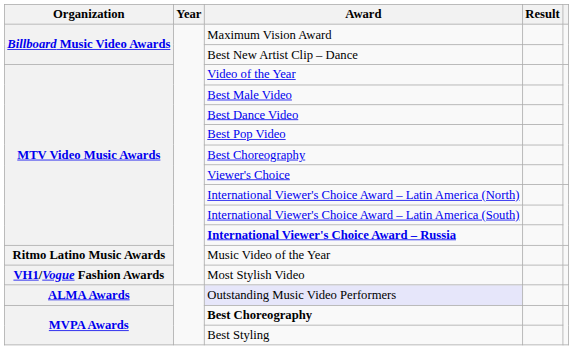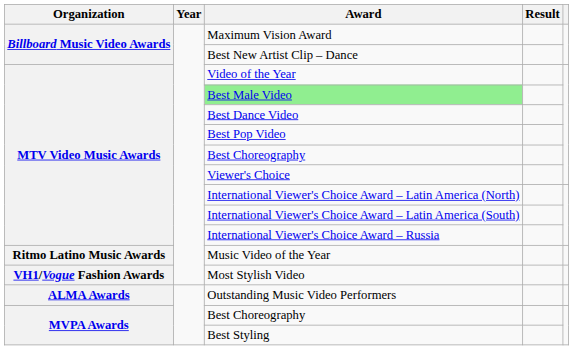 <table class="wikitable sortable plainrowheaders">
 <tr>
 <th scope="col">Organization</th>
 <th scope="col">Year</th>
 <th scope="col">Award</th>
 <th scope="col">Result</th>
 <th class="unsortable"></th>
 </tr>
 <tr>
 <th rowspan="2" scope="row"><a href='#'><em>Billboard</em> Music Video Awards</a></th>
 <td rowspan="13"></td>
 <td>Maximum Vision Award</td>
 <td></td>
 <td rowspan="2" align="center"></td>
 </tr>
 <tr>
 <td>Best New Artist Clip – Dance</td>
 <td></td>
 </tr>
 <tr>
 <th rowspan="9" scope="row"><a href='#'>MTV Video Music Awards</a></th>
 <td><a href='#'>Video of the Year</a></td>
 <td></td>
 <td rowspan="6" align="center"></td>
 </tr>
 <tr>
-<td><a href='#'>Best Male Video</a></td>
+<td style="background: lightgreen;"><a href='#'>Best Male Video</a></td>
 <td></td>
 </tr>
 <tr>
 <td><a href='#'>Best Dance Video</a></td>
 <td></td>
 </tr>
 <tr>
 <td><a href='#'>Best Pop Video</a></td>
 <td></td>
 </tr>
 <tr>
 <td><a href='#'>Best Choreography</a></td>
 <td></td>
 </tr>
 <tr>
 <td><a href='#'>Viewer's Choice</a></td>
 <td></td>
 </tr>
 <tr>
 <td><a href='#'>International Viewer's Choice Award – Latin America (North)</a></td>
 <td></td>
 <td rowspan="3" align="center"></td>
 </tr>
 <tr>
 <td><a href='#'>International Viewer's Choice Award – Latin America (South)</a></td>
 <td></td>
 </tr>
 <tr>
-<td><strong><a href='#'>International Viewer's Choice Award – Russia</a></strong></td>
+<td><a href='#'>International Viewer's Choice Award – Russia</a></td>
 <td></td>
 </tr>
 <tr>
 <th scope="row">Ritmo Latino Music Awards</th>
 <td>Music Video of the Year</td>
 <td></td>
 <td align="center"></td>
 </tr>
 <tr>
 <th scope="row"><a href='#'>VH1</a>/<em><a href='#'>Vogue</a></em> Fashion Awards</th>
 <td>Most Stylish Video</td>
 <td></td>
 <td align="center"></td>
 </tr>
 <tr>
 <th scope="row"><a href='#'>ALMA Awards</a></th>
 <td rowspan="6"></td>
-<td style="background: lavender;">Outstanding Music Video Performers</td>
+<td>Outstanding Music Video Performers</td>
 <td></td>
 <td align="center"></td>
 </tr>
 <tr>
 <th rowspan="2" scope="row"><a href='#'>MVPA Awards</a></th>
-<td><strong>Best Choreography</strong></td>
+<td>Best Choreography</td>
 <td></td>
 <td rowspan="2" align="center"></td>
 </tr>
 <tr>
 <td>Best Styling</td>
 <td></td>
 </tr>
 </table>
